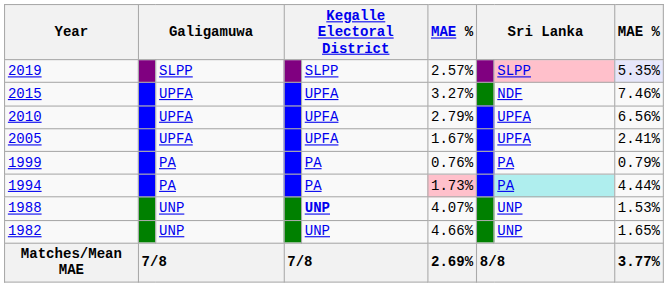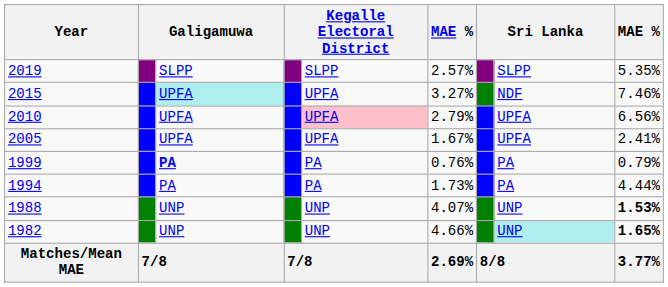 <table class="wikitable">
 <tr>
 <th>Year</th>
 <th colspan="2" width="144px">Galigamuwa</th>
 <th colspan="2" width="144px"><a href='#'>Kegalle Electoral District</a></th>
 <th><a href='#'>MAE</a> %</th>
 <th colspan="2" width="144px">Sri Lanka</th>
 <th>MAE %</th>
 </tr>
 <tr>
 <td><a href='#'>2019</a></td>
 <td style="background-color:purple;" width="10px"></td>
 <td style="text-align:left;"><a href='#'>SLPP</a></td>
 <td style="background-color:purple;" width="10px"></td>
 <td style="text-align:left;"><a href='#'>SLPP</a></td>
 <td style="text-align:right;">2.57%</td>
 <td style="background-color:purple;" width="10px"></td>
-<td style="background: pink; text-align:left;"><a href='#'>SLPP</a></td>
-<td style="background: lavender; text-align:right;">5.35%</td>
+<td style="text-align:left;"><a href='#'>SLPP</a></td>
+<td style="text-align:right;">5.35%</td>
 </tr>
 <tr>
 <td><a href='#'>2015</a></td>
 <td style="background-color:blue;" width="10px"></td>
-<td style="text-align:left;"><a href='#'>UPFA</a></td>
+<td style="background: paleturquoise; text-align:left;"><a href='#'>UPFA</a></td>
 <td style="background-color:blue;" width="10px"></td>
 <td style="text-align:left;"><a href='#'>UPFA</a></td>
 <td style="text-align:right;">3.27%</td>
 <td style="background-color:green;" width="10px"></td>
 <td style="text-align:left;"><a href='#'>NDF</a></td>
 <td style="text-align:right;">7.46%</td>
 </tr>
 <tr>
 <td><a href='#'>2010</a></td>
 <td style="background-color:blue;" width="10px"></td>
 <td style="text-align:left;"><a href='#'>UPFA</a></td>
 <td style="background-color:blue;" width="10px"></td>
-<td style="text-align:left;"><a href='#'>UPFA</a></td>
+<td style="background: pink; text-align:left;"><a href='#'>UPFA</a></td>
 <td style="text-align:right;">2.79%</td>
 <td style="background-color:blue;" width="10px"></td>
 <td style="text-align:left;"><a href='#'>UPFA</a></td>
 <td style="text-align:right;">6.56%</td>
 </tr>
 <tr>
 <td><a href='#'>2005</a></td>
 <td style="background-color:blue;" width="10px"></td>
 <td style="text-align:left;"><a href='#'>UPFA</a></td>
 <td style="background-color:blue;" width="10px"></td>
 <td style="text-align:left;"><a href='#'>UPFA</a></td>
 <td style="text-align:right;">1.67%</td>
 <td style="background-color:blue;" width="10px"></td>
 <td style="text-align:left;"><a href='#'>UPFA</a></td>
 <td style="text-align:right;">2.41%</td>
 </tr>
 <tr>
 <td><a href='#'>1999</a></td>
 <td style="background-color:blue;" width="10px"></td>
-<td style="text-align:left;"><a href='#'>PA</a></td>
+<td style="text-align:left;"><strong><a href='#'>PA</a></strong></td>
 <td style="background-color:blue;" width="10px"></td>
 <td style="text-align:left;"><a href='#'>PA</a></td>
 <td style="text-align:right;">0.76%</td>
 <td style="background-color:blue;" width="10px"></td>
 <td style="text-align:left;"><a href='#'>PA</a></td>
 <td style="text-align:right;">0.79%</td>
 </tr>
 <tr>
 <td><a href='#'>1994</a></td>
 <td style="background-color:blue;" width="10px"></td>
 <td style="text-align:left;"><a href='#'>PA</a></td>
 <td style="background-color:blue;" width="10px"></td>
 <td style="text-align:left;"><a href='#'>PA</a></td>
-<td style="background: pink; text-align:right;">1.73%</td>
+<td style="text-align:right;">1.73%</td>
 <td style="background-color:blue;" width="10px"></td>
-<td style="background: paleturquoise; text-align:left;"><a href='#'>PA</a></td>
+<td style="text-align:left;"><a href='#'>PA</a></td>
 <td style="text-align:right;">4.44%</td>
 </tr>
 <tr>
 <td><a href='#'>1988</a></td>
 <td style="background-color:green;" width="10px"></td>
 <td style="text-align:left;"><a href='#'>UNP</a></td>
 <td style="background-color:green;" width="10px"></td>
-<td style="text-align:left;"><strong><a href='#'>UNP</a></strong></td>
+<td style="text-align:left;"><a href='#'>UNP</a></td>
 <td style="text-align:right;">4.07%</td>
 <td style="background-color:green;" width="10px"></td>
 <td style="text-align:left;"><a href='#'>UNP</a></td>
-<td style="text-align:right;">1.53%</td>
+<td style="text-align:right;"><strong>1.53%</strong></td>
 </tr>
 <tr>
 <td><a href='#'>1982</a></td>
 <td style="background-color:green;" width="10px"></td>
 <td style="text-align:left;"><a href='#'>UNP</a></td>
 <td style="background-color:green;" width="10px"></td>
 <td style="text-align:left;"><a href='#'>UNP</a></td>
 <td style="text-align:right;">4.66%</td>
 <td style="background-color:green;" width="10px"></td>
-<td style="text-align:left;"><a href='#'>UNP</a></td>
-<td style="text-align:right;">1.65%</td>
+<td style="background: paleturquoise; text-align:left;"><a href='#'>UNP</a></td>
+<td style="text-align:right;"><strong>1.65%</strong></td>
 </tr>
 <tr>
 <th>Matches/Mean MAE</th>
 <th style="text-align:left;"colspan="2" width="144px">7/8</th>
 <th style="text-align:left;"colspan="2" width="144px">7/8</th>
 <th style="text-align:right;">2.69%</th>
 <th style="text-align:left;"colspan="2" width="144px">8/8</th>
 <th style="text-align:right;">3.77%</th>
 </tr>
 </table>
